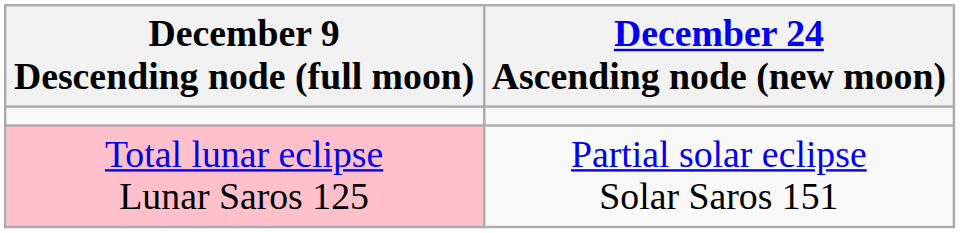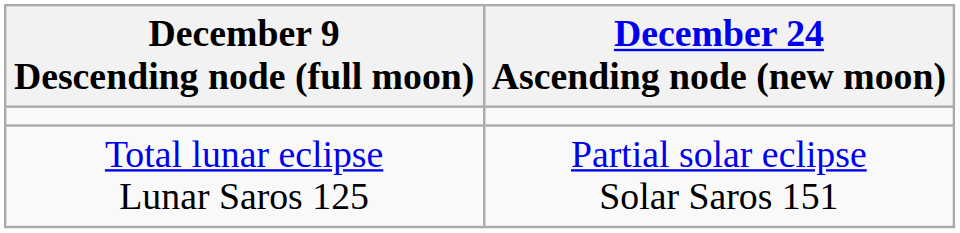 <table class="wikitable">
 <tr>
 <th>December 9<br>Descending node (full moon)<br></th>
 <th><a href='#'>December 24</a><br>Ascending node (new moon)<br></th>
 </tr>
 <tr>
 <td></td>
 <td></td>
 </tr>
 <tr align=center>
-<td style="background: pink;"><a href='#'>Total lunar eclipse</a><br>Lunar Saros 125</td>
+<td><a href='#'>Total lunar eclipse</a><br>Lunar Saros 125</td>
 <td><a href='#'>Partial solar eclipse</a><br>Solar Saros 151</td>
 </tr>
 </table>
